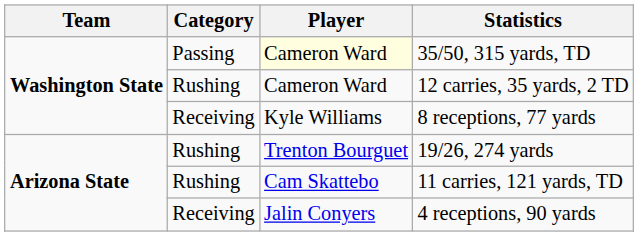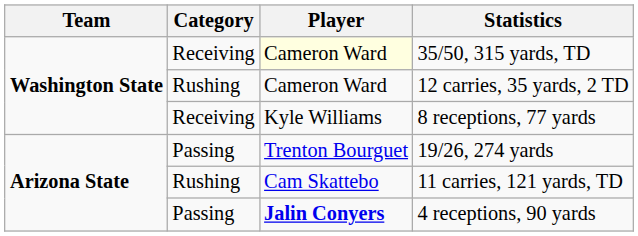 <table class="wikitable" style="float: right;">
 <tr>
 <th>Team</th>
 <th>Category</th>
 <th>Player</th>
 <th>Statistics</th>
 </tr>
 <tr>
 <td rowspan=3><strong>Washington State</strong></td>
-<td>Passing</td>
+<td>Receiving</td>
 <td style="background: lightyellow;">Cameron Ward</td>
 <td>35/50, 315 yards, TD</td>
 </tr>
 <tr>
 <td>Rushing</td>
 <td>Cameron Ward</td>
 <td>12 carries, 35 yards, 2 TD</td>
 </tr>
 <tr>
 <td>Receiving</td>
 <td>Kyle Williams</td>
 <td>8 receptions, 77 yards</td>
 </tr>
 <tr>
 <td rowspan=3><strong>Arizona State</strong></td>
-<td>Rushing</td>
+<td>Passing</td>
 <td><a href='#'>Trenton Bourguet</a></td>
 <td>19/26, 274 yards</td>
 </tr>
 <tr>
 <td>Rushing</td>
 <td><a href='#'>Cam Skattebo</a></td>
 <td>11 carries, 121 yards, TD</td>
 </tr>
 <tr>
-<td>Receiving</td>
-<td><a href='#'>Jalin Conyers</a></td>
+<td>Passing</td>
+<td><strong><a href='#'>Jalin Conyers</a></strong></td>
 <td>4 receptions, 90 yards</td>
 </tr>
 </table>
